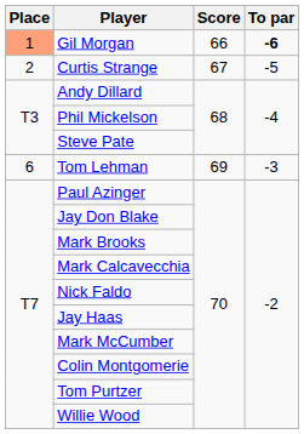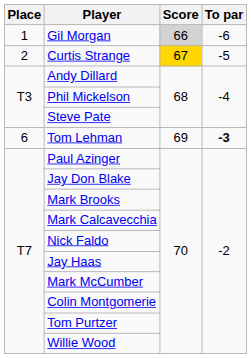 <table class="wikitable">
 <tr>
 <th>Place</th>
 <th>Player</th>
 <th>Score</th>
 <th>To par</th>
 </tr>
 <tr>
-<td align=center style="background: lightsalmon;">1</td>
+<td align=center>1</td>
 <td> <a href='#'>Gil Morgan</a></td>
-<td align=center>66</td>
-<td align=center><strong>-6</strong></td>
+<td align=center style="background: lightgrey;">66</td>
+<td align=center>-6</td>
 </tr>
 <tr>
 <td align=center>2</td>
 <td> <a href='#'>Curtis Strange</a></td>
-<td align=center>67</td>
+<td align=center style="background: gold;">67</td>
 <td align=center>-5</td>
 </tr>
 <tr>
 <td rowspan="3" align=center>T3</td>
 <td> <a href='#'>Andy Dillard</a></td>
 <td rowspan="3" align=center>68</td>
 <td rowspan="3" align=center>-4</td>
 </tr>
 <tr>
 <td> <a href='#'>Phil Mickelson</a></td>
 </tr>
 <tr>
 <td> <a href='#'>Steve Pate</a></td>
 </tr>
 <tr>
 <td align=center>6</td>
 <td> <a href='#'>Tom Lehman</a></td>
 <td align=center>69</td>
-<td align=center>-3</td>
+<td align=center><strong>-3</strong></td>
 </tr>
 <tr>
 <td rowspan="10" align=center>T7</td>
 <td> <a href='#'>Paul Azinger</a></td>
 <td rowspan="10" align=center>70</td>
 <td rowspan="10" align=center>-2</td>
 </tr>
 <tr>
 <td> <a href='#'>Jay Don Blake</a></td>
 </tr>
 <tr>
 <td> <a href='#'>Mark Brooks</a></td>
 </tr>
 <tr>
 <td> <a href='#'>Mark Calcavecchia</a></td>
 </tr>
 <tr>
 <td> <a href='#'>Nick Faldo</a></td>
 </tr>
 <tr>
 <td> <a href='#'>Jay Haas</a></td>
 </tr>
 <tr>
 <td> <a href='#'>Mark McCumber</a></td>
 </tr>
 <tr>
 <td> <a href='#'>Colin Montgomerie</a></td>
 </tr>
 <tr>
 <td> <a href='#'>Tom Purtzer</a></td>
 </tr>
 <tr>
 <td> <a href='#'>Willie Wood</a></td>
 </tr>
 </table>
